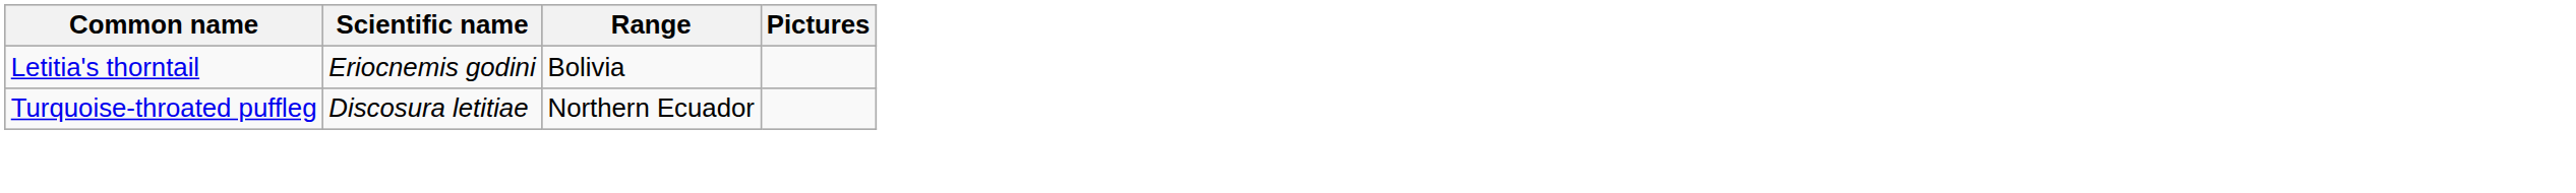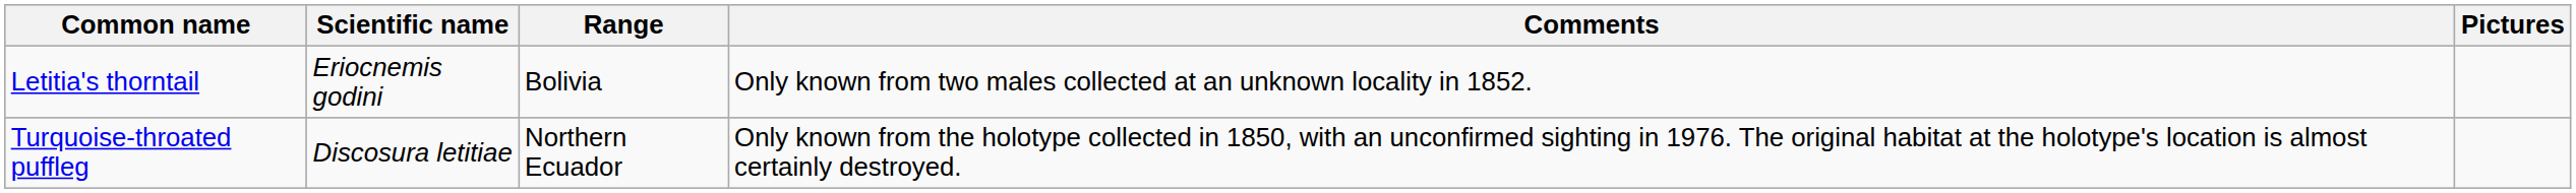 <table class="wikitable">
 <tr>
 <th>Common name</th>
 <th>Scientific name</th>
 <th>Range</th>
+<th class="unsortable">Comments</th>
 <th>Pictures</th>
 </tr>
 <tr>
 <td><a href='#'>Letitia's thorntail</a></td>
 <td><em>Eriocnemis godini</em></td>
 <td>Bolivia</td>
+<td>Only known from two males collected at an unknown locality in 1852.</td>
 <td></td>
 </tr>
 <tr>
 <td><a href='#'>Turquoise-throated puffleg</a></td>
 <td><em>Discosura letitiae</em></td>
 <td>Northern Ecuador</td>
+<td>Only known from the holotype collected in 1850, with an unconfirmed sighting in 1976. The original habitat at the holotype's location is almost certainly destroyed.</td>
 <td></td>
 </tr>
 </table>
